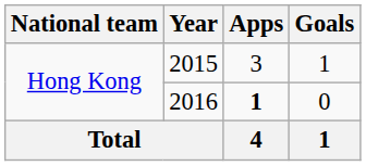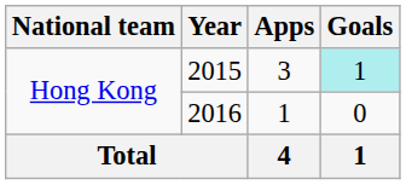 <table class="wikitable" style="text-align:center">
 <tr>
 <th>National team</th>
 <th>Year</th>
 <th>Apps</th>
 <th>Goals</th>
 </tr>
 <tr>
 <td rowspan="2"><a href='#'>Hong Kong</a></td>
 <td>2015</td>
 <td>3</td>
-<td>1</td>
+<td style="background: paleturquoise;">1</td>
 </tr>
 <tr>
 <td>2016</td>
-<td><strong>1</strong></td>
+<td>1</td>
 <td>0</td>
 </tr>
 <tr>
 <th colspan=2>Total</th>
 <th>4</th>
 <th>1</th>
 </tr>
 </table>
